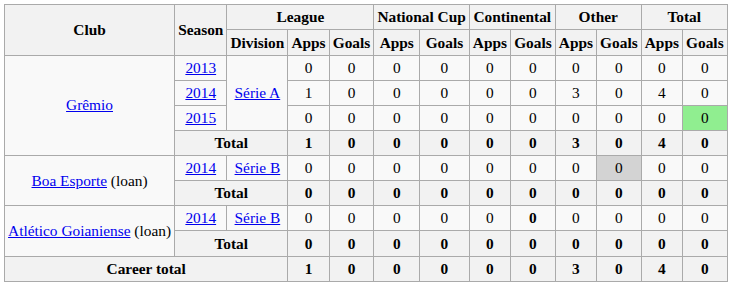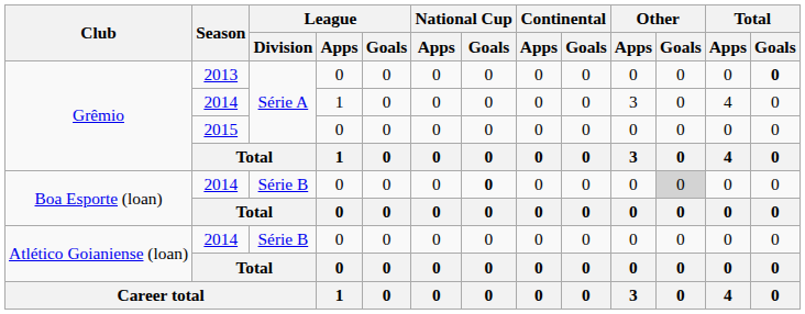 <table class="wikitable" style="font-size:96%; text-align: center;">
 <tr>
 <th rowspan="2">Club</th>
 <th rowspan="2">Season</th>
 <th colspan="3">League</th>
 <th colspan="2">National Cup</th>
 <th colspan="2">Continental</th>
 <th colspan="2">Other</th>
 <th colspan="2">Total</th>
 </tr>
 <tr>
 <th>Division</th>
 <th>Apps</th>
 <th>Goals</th>
 <th>Apps</th>
 <th>Goals</th>
 <th>Apps</th>
 <th>Goals</th>
 <th>Apps</th>
 <th>Goals</th>
 <th>Apps</th>
 <th>Goals</th>
 </tr>
 <tr>
 <td rowspan="4" valign="center"><a href='#'>Grêmio</a></td>
 <td><a href='#'>2013</a></td>
 <td rowspan="3"><a href='#'>Série A</a></td>
 <td>0</td>
 <td>0</td>
 <td>0</td>
 <td>0</td>
 <td>0</td>
 <td>0</td>
 <td>0</td>
 <td>0</td>
 <td>0</td>
-<td>0</td>
+<td><strong>0</strong></td>
 </tr>
 <tr>
 <td><a href='#'>2014</a></td>
 <td>1</td>
 <td>0</td>
 <td>0</td>
 <td>0</td>
 <td>0</td>
 <td>0</td>
 <td>3</td>
 <td>0</td>
 <td>4</td>
 <td>0</td>
 </tr>
 <tr>
 <td><a href='#'>2015</a></td>
 <td>0</td>
 <td>0</td>
 <td>0</td>
 <td>0</td>
 <td>0</td>
 <td>0</td>
 <td>0</td>
 <td>0</td>
 <td>0</td>
-<td style="background: lightgreen;">0</td>
+<td>0</td>
 </tr>
 <tr>
 <th colspan="2">Total</th>
 <th>1</th>
 <th>0</th>
 <th>0</th>
 <th>0</th>
 <th>0</th>
 <th>0</th>
 <th>3</th>
 <th>0</th>
 <th>4</th>
 <th>0</th>
 </tr>
 <tr>
 <td rowspan="2" valign="center"><a href='#'>Boa Esporte</a> (loan)</td>
 <td><a href='#'>2014</a></td>
 <td><a href='#'>Série B</a></td>
 <td>0</td>
 <td>0</td>
 <td>0</td>
-<td>0</td>
+<td><strong>0</strong></td>
 <td>0</td>
 <td>0</td>
 <td>0</td>
 <td style="background: lightgrey;">0</td>
 <td>0</td>
 <td>0</td>
 </tr>
 <tr>
 <th colspan="2">Total</th>
 <th>0</th>
 <th>0</th>
 <th>0</th>
 <th>0</th>
 <th>0</th>
 <th>0</th>
 <th>0</th>
 <th>0</th>
 <th>0</th>
 <th>0</th>
 </tr>
 <tr>
 <td rowspan="2" valign="center"><a href='#'>Atlético Goianiense</a> (loan)</td>
 <td><a href='#'>2014</a></td>
 <td><a href='#'>Série B</a></td>
 <td>0</td>
 <td>0</td>
 <td>0</td>
 <td>0</td>
 <td>0</td>
-<td><strong>0</strong></td>
+<td>0</td>
 <td>0</td>
 <td>0</td>
 <td>0</td>
 <td>0</td>
 </tr>
 <tr>
 <th colspan="2">Total</th>
 <th>0</th>
 <th>0</th>
 <th>0</th>
 <th>0</th>
 <th>0</th>
 <th>0</th>
 <th>0</th>
 <th>0</th>
 <th>0</th>
 <th>0</th>
 </tr>
 <tr>
 <th colspan="3">Career total</th>
 <th>1</th>
 <th>0</th>
 <th>0</th>
 <th>0</th>
 <th>0</th>
 <th>0</th>
 <th>3</th>
 <th>0</th>
 <th>4</th>
 <th>0</th>
 </tr>
 </table>
